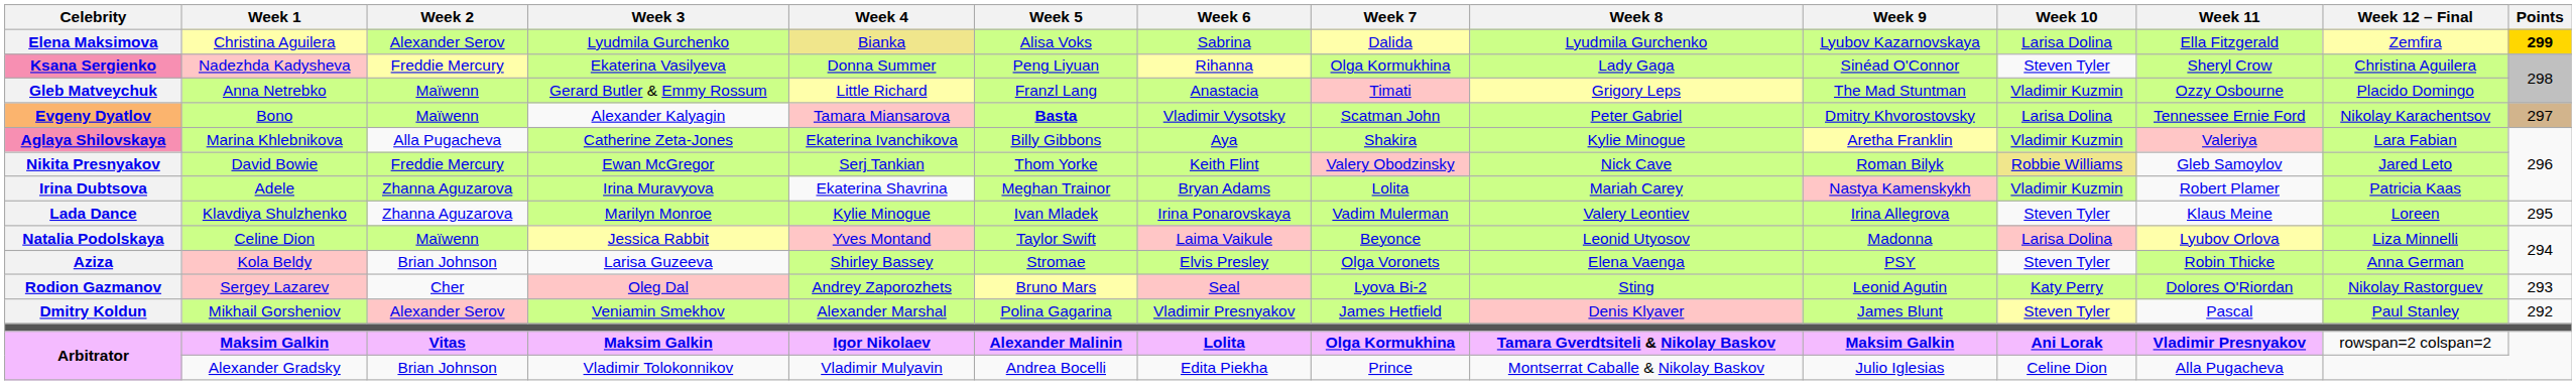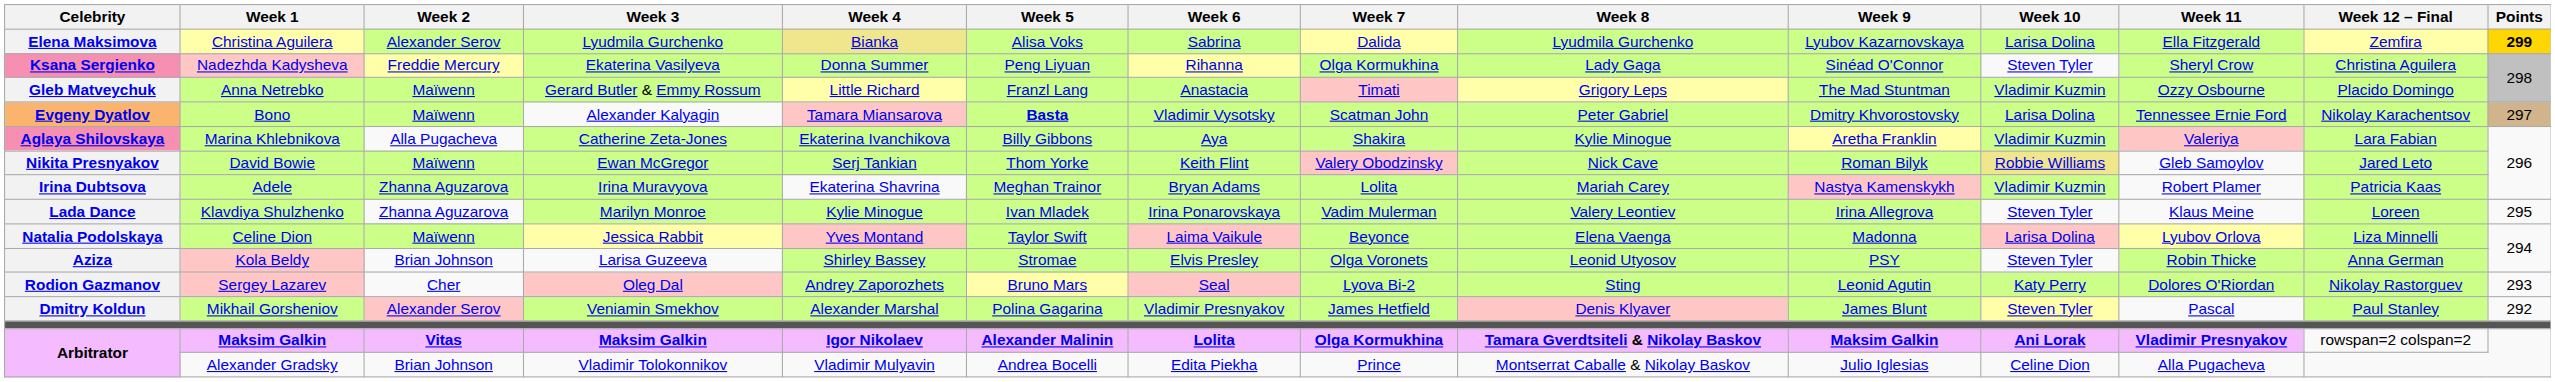 <table class="wikitable" style="text-align:center; font-size:90%; line-height:16px;" width="120%">
 <tr>
 <th>Celebrity</th>
 <th>Week 1</th>
 <th>Week 2</th>
 <th>Week 3</th>
 <th>Week 4</th>
 <th>Week 5</th>
 <th>Week 6</th>
 <th>Week 7</th>
 <th>Week 8</th>
 <th>Week 9</th>
 <th>Week 10</th>
 <th>Week 11</th>
 <th>Week 12 – Final</th>
 <th>Points</th>
 </tr>
 <tr>
 <th><a href='#'>Elena Maksimova</a></th>
 <td style="background:#ffffaa;"><a href='#'>Christina Aguilera</a></td>
 <td style="background:#ccff88;"><a href='#'>Alexander Serov</a></td>
 <td style="background:#ccff88;"><a href='#'>Lyudmila Gurchenko</a></td>
 <td style="background: khaki;"><a href='#'>Bianka</a></td>
 <td style="background:#ccff88;"><a href='#'>Alisa Voks</a></td>
 <td style="background:#ccff88;"><a href='#'>Sabrina</a></td>
 <td style="background:#ffffaa;"><a href='#'>Dalida</a></td>
 <td style="background:#ccff88;"><a href='#'>Lyudmila Gurchenko</a></td>
 <td style="background:#ccff88;"><a href='#'>Lyubov Kazarnovskaya</a></td>
 <td style="background:#ccff88;"><a href='#'>Larisa Dolina</a></td>
 <td style="background:#ccff88;"><a href='#'>Ella Fitzgerald</a></td>
 <td style="background:#ffffaa;"><a href='#'>Zemfira</a></td>
 <td style="background:gold;"><strong>299</strong></td>
 </tr>
 <tr>
 <th style="background:#f78fb2;"><a href='#'>Ksana Sergienko</a></th>
 <td style="background:#ffc6c6;"><a href='#'>Nadezhda Kadysheva</a></td>
 <td style="background:#ffffaa;"><a href='#'>Freddie Mercury</a></td>
 <td style="background:#ccff88;"><a href='#'>Ekaterina Vasilyeva</a></td>
 <td style="background:#ccff88;"><a href='#'>Donna Summer</a></td>
 <td style="background:#ccff88;"><a href='#'>Peng Liyuan</a></td>
 <td style="background:#ffffaa;"><a href='#'>Rihanna</a></td>
 <td style="background:#ccff88;"><a href='#'>Olga Kormukhina</a></td>
 <td style="background:#ccff88;"><a href='#'>Lady Gaga</a></td>
 <td style="background:#ccff88;"><a href='#'>Sinéad O'Connor</a></td>
 <td><a href='#'>Steven Tyler</a></td>
 <td style="background:#ccff88;"><a href='#'>Sheryl Crow</a></td>
 <td style="background:#ccff88;"><a href='#'>Christina Aguilera</a></td>
 <td rowspan=2 style="background:silver;">298</td>
 </tr>
 <tr>
 <th><a href='#'>Gleb Matveychuk</a></th>
 <td style="background:#ccff88;"><a href='#'>Anna Netrebko</a></td>
 <td style="background:#ccff88;"><a href='#'>Maïwenn</a></td>
 <td style="background:#ccff88;"><a href='#'>Gerard Butler</a> & <a href='#'>Emmy Rossum</a></td>
 <td style="background:#ffffaa;"><a href='#'>Little Richard</a></td>
 <td style="background:#ccff88;"><a href='#'>Franzl Lang</a></td>
 <td style="background:#ccff88;"><a href='#'>Anastacia</a></td>
 <td style="background:#ffc6c6;"><a href='#'>Timati</a></td>
 <td style="background:#ffffaa;"><a href='#'>Grigory Leps</a></td>
 <td style="background:#ccff88;"><a href='#'>The Mad Stuntman</a></td>
 <td style="background:#ccff88;"><a href='#'>Vladimir Kuzmin</a></td>
 <td style="background:#ccff88;"><a href='#'>Ozzy Osbourne</a></td>
 <td style="background:#ccff88;"><a href='#'>Placido Domingo</a></td>
 </tr>
 <tr>
 <th style="background:#fbb46e;"><a href='#'>Evgeny Dyatlov</a></th>
 <td style="background:#ccff88;"><a href='#'>Bono</a></td>
 <td style="background:#ccff88;"><a href='#'>Maïwenn</a></td>
 <td><a href='#'>Alexander Kalyagin</a></td>
 <td style="background:#ffc6c6;"><a href='#'>Tamara Miansarova</a></td>
 <td style="background:#ccff88;"><strong><a href='#'>Basta</a></strong></td>
 <td style="background:#ccff88;"><a href='#'>Vladimir Vysotsky</a></td>
 <td style="background:#ccff88;"><a href='#'>Scatman John</a></td>
 <td style="background:#ccff88;"><a href='#'>Peter Gabriel</a></td>
 <td style="background:#ccff88;"><a href='#'>Dmitry Khvorostovsky</a></td>
 <td style="background:#ccff88;"><a href='#'>Larisa Dolina</a></td>
 <td style="background:#ccff88;"><a href='#'>Tennessee Ernie Ford</a></td>
 <td style="background:#ccff88;"><a href='#'>Nikolay Karachentsov</a></td>
 <td style="background:tan;">297</td>
 </tr>
 <tr>
 <th style="background:#f78fb2;"><a href='#'>Aglaya Shilovskaya</a></th>
 <td style="background:#ccff88;"><a href='#'>Marina Khlebnikova</a></td>
 <td><a href='#'>Alla Pugacheva</a></td>
 <td style="background:#ccff88;"><a href='#'>Catherine Zeta-Jones</a></td>
 <td style="background:#ccff88;"><a href='#'>Ekaterina Ivanchikova</a></td>
 <td style="background:#ccff88;"><a href='#'>Billy Gibbons</a></td>
 <td style="background:#ccff88;"><a href='#'>Aya</a></td>
 <td style="background:#ccff88;"><a href='#'>Shakira</a></td>
 <td style="background:#ccff88;"><a href='#'>Kylie Minogue</a></td>
 <td style="background:#ffffaa;"><a href='#'>Aretha Franklin</a></td>
 <td style="background:#ccff88;"><a href='#'>Vladimir Kuzmin</a></td>
 <td style="background:#ffc6c6;"><a href='#'>Valeriya</a></td>
 <td style="background:#ccff88;"><a href='#'>Lara Fabian</a></td>
 <td rowspan=3>296</td>
 </tr>
 <tr>
 <th><a href='#'>Nikita Presnyakov</a></th>
 <td style="background:#ccff88;"><a href='#'>David Bowie</a></td>
-<td style="background:#ccff88;"><a href='#'>Freddie Mercury</a></td>
+<td style="background:#ccff88;"><a href='#'>Maïwenn</a></td>
 <td style="background:#ccff88;"><a href='#'>Ewan McGregor</a></td>
 <td style="background:#ccff88;"><a href='#'>Serj Tankian</a></td>
 <td style="background:#ccff88;"><a href='#'>Thom Yorke</a></td>
 <td style="background:#ccff88;"><a href='#'>Keith Flint</a></td>
 <td style="background:#ffc6c6;"><a href='#'>Valery Obodzinsky</a></td>
 <td style="background:#ccff88;"><a href='#'>Nick Cave</a></td>
 <td style="background:#ccff88;"><a href='#'>Roman Bilyk</a></td>
 <td style="background: khaki;"><a href='#'>Robbie Williams</a></td>
 <td><a href='#'>Gleb Samoylov</a></td>
 <td style="background:#ccff88;"><a href='#'>Jared Leto</a></td>
 </tr>
 <tr>
 <th><a href='#'>Irina Dubtsova</a></th>
 <td style="background:#ccff88;"><a href='#'>Adele</a></td>
 <td style="background:#ccff88;"><a href='#'>Zhanna Aguzarova</a></td>
 <td style="background:#ccff88;"><a href='#'>Irina Muravyova</a></td>
 <td><a href='#'>Ekaterina Shavrina</a></td>
 <td style="background:#ccff88;"><a href='#'>Meghan Trainor</a></td>
 <td style="background:#ccff88;"><a href='#'>Bryan Adams</a></td>
 <td style="background:#ccff88;"><a href='#'>Lolita</a></td>
 <td style="background:#ccff88;"><a href='#'>Mariah Carey</a></td>
 <td style="background:#ffc6c6;"><a href='#'>Nastya Kamenskykh</a></td>
 <td style="background:#ccff88;"><a href='#'>Vladimir Kuzmin</a></td>
 <td><a href='#'>Robert Plamer</a></td>
 <td style="background:#ccff88;"><a href='#'>Patricia Kaas</a></td>
 </tr>
 <tr>
 <th><a href='#'>Lada Dance</a></th>
 <td style="background:#ccff88;"><a href='#'>Klavdiya Shulzhenko</a></td>
 <td><a href='#'>Zhanna Aguzarova</a></td>
 <td style="background:#ccff88;"><a href='#'>Marilyn Monroe</a></td>
 <td style="background:#ccff88;"><a href='#'>Kylie Minogue</a></td>
 <td style="background:#ccff88;"><a href='#'>Ivan Mladek</a></td>
 <td style="background:#ccff88;"><a href='#'>Irina Ponarovskaya</a></td>
 <td style="background:#ccff88;"><a href='#'>Vadim Mulerman</a></td>
 <td style="background:#ccff88;"><a href='#'>Valery Leontiev</a></td>
 <td style="background:#ccff88;"><a href='#'>Irina Allegrova</a></td>
 <td><a href='#'>Steven Tyler</a></td>
 <td><a href='#'>Klaus Meine</a></td>
 <td style="background:#ccff88;"><a href='#'>Loreen</a></td>
 <td>295</td>
 </tr>
 <tr>
 <th><a href='#'>Natalia Podolskaya</a></th>
 <td style="background:#ccff88;"><a href='#'>Celine Dion</a></td>
 <td style="background:#ccff88;"><a href='#'>Maïwenn</a></td>
 <td style="background:#ffffaa;"><a href='#'>Jessica Rabbit</a></td>
 <td style="background:#ffc6c6;"><a href='#'>Yves Montand</a></td>
 <td style="background:#ccff88;"><a href='#'>Taylor Swift</a></td>
 <td style="background:#ffc6c6;"><a href='#'>Laima Vaikule</a></td>
 <td style="background:#ccff88;"><a href='#'>Beyonce</a></td>
-<td style="background:#ccff88;"><a href='#'>Leonid Utyosov</a></td>
+<td style="background:#ccff88;"><a href='#'>Elena Vaenga</a></td>
 <td style="background:#ccff88;"><a href='#'>Madonna</a></td>
 <td style="background:#ffc6c6;"><a href='#'>Larisa Dolina</a></td>
 <td style="background:#ffffaa;"><a href='#'>Lyubov Orlova</a></td>
 <td style="background:#ccff88;"><a href='#'>Liza Minnelli</a></td>
 <td rowspan=2>294</td>
 </tr>
 <tr>
 <th><a href='#'>Aziza</a></th>
 <td style="background:#ffc6c6;"><a href='#'>Kola Beldy</a></td>
 <td><a href='#'>Brian Johnson</a></td>
 <td><a href='#'>Larisa Guzeeva</a></td>
 <td style="background:#ccff88;"><a href='#'>Shirley Bassey</a></td>
 <td style="background:#ccff88;"><a href='#'>Stromae</a></td>
 <td style="background:#ccff88;"><a href='#'>Elvis Presley</a></td>
 <td style="background:#ccff88;"><a href='#'>Olga Voronets</a></td>
-<td style="background:#ccff88;"><a href='#'>Elena Vaenga</a></td>
+<td style="background:#ccff88;"><a href='#'>Leonid Utyosov</a></td>
 <td style="background:#ccff88;"><a href='#'>PSY</a></td>
 <td><a href='#'>Steven Tyler</a></td>
 <td style="background:#ccff88;"><a href='#'>Robin Thicke</a></td>
 <td style="background:#ccff88;"><a href='#'>Anna German</a></td>
 </tr>
 <tr>
 <th><a href='#'>Rodion Gazmanov</a></th>
 <td style="background:#ffc6c6;"><a href='#'>Sergey Lazarev</a></td>
 <td><a href='#'>Cher</a></td>
 <td style="background:#ffc6c6;"><a href='#'>Oleg Dal</a></td>
 <td style="background:#ccff88;"><a href='#'>Andrey Zaporozhets</a></td>
 <td style="background:#ffffaa;"><a href='#'>Bruno Mars</a></td>
 <td style="background:#ffc6c6;"><a href='#'>Seal</a></td>
 <td style="background:#ccff88;"><a href='#'>Lyova Bi-2</a></td>
 <td style="background:#ccff88;"><a href='#'>Sting</a></td>
 <td style="background:#ccff88;"><a href='#'>Leonid Agutin</a></td>
 <td style="background:#ccff88;"><a href='#'>Katy Perry</a></td>
 <td style="background:#ccff88;"><a href='#'>Dolores O'Riordan</a></td>
 <td style="background:#ccff88;"><a href='#'>Nikolay Rastorguev</a></td>
 <td>293</td>
 </tr>
 <tr>
 <th><a href='#'>Dmitry Koldun</a></th>
 <td style="background:#ccff88;"><a href='#'>Mikhail Gorsheniov</a></td>
 <td style="background:#ffc6c6;"><a href='#'>Alexander Serov</a></td>
 <td style="background:#ccff88;"><a href='#'>Veniamin Smekhov</a></td>
 <td style="background:#ccff88;"><a href='#'>Alexander Marshal</a></td>
 <td style="background:#ccff88;"><a href='#'>Polina Gagarina</a></td>
 <td style="background:#ccff88;"><a href='#'>Vladimir Presnyakov</a></td>
 <td style="background:#ccff88;"><a href='#'>James Hetfield</a></td>
 <td style="background:#ffc6c6;"><a href='#'>Denis Klyaver</a></td>
 <td style="background:#ccff88;"><a href='#'>James Blunt</a></td>
 <td style="background:#ffffaa;"><a href='#'>Steven Tyler</a></td>
 <td><a href='#'>Pascal</a></td>
 <td style="background:#ccff88;"><a href='#'>Paul Stanley</a></td>
 <td>292</td>
 </tr>
 <tr>
 <td colspan=15 style="background:#555555;"></td>
 </tr>
 <tr>
 <th rowspan=2 style="background:#f4bbff">Arbitrator</th>
 <th style="background:#f4bbff"><a href='#'>Maksim Galkin</a></th>
 <th style="background:#f4bbff"><a href='#'>Vitas</a></th>
 <th style="background:#f4bbff"><a href='#'>Maksim Galkin</a></th>
 <th style="background:#f4bbff"><a href='#'>Igor Nikolaev</a></th>
 <th style="background:#f4bbff"><a href='#'>Alexander Malinin</a></th>
 <th style="background:#f4bbff"><a href='#'>Lolita</a></th>
 <th style="background:#f4bbff"><a href='#'>Olga Kormukhina</a></th>
 <th style="background:#f4bbff"><a href='#'>Tamara Gverdtsiteli</a> & <a href='#'>Nikolay Baskov</a></th>
 <th style="background:#f4bbff"><a href='#'>Maksim Galkin</a></th>
 <th style="background:#f4bbff"><a href='#'>Ani Lorak</a></th>
 <th style="background:#f4bbff"><a href='#'>Vladimir Presnyakov</a></th>
 <td>rowspan=2 colspan=2 </td>
 </tr>
 <tr>
 <td><a href='#'>Alexander Gradsky</a></td>
 <td><a href='#'>Brian Johnson</a></td>
 <td><a href='#'>Vladimir Tolokonnikov</a></td>
 <td><a href='#'>Vladimir Mulyavin</a></td>
 <td><a href='#'>Andrea Bocelli</a></td>
 <td><a href='#'>Edita Piekha</a></td>
 <td><a href='#'>Prince</a></td>
 <td><a href='#'>Montserrat Caballe</a> & <a href='#'>Nikolay Baskov</a></td>
 <td><a href='#'>Julio Iglesias</a></td>
 <td><a href='#'>Celine Dion</a></td>
 <td><a href='#'>Alla Pugacheva</a></td>
 </tr>
 </table>
